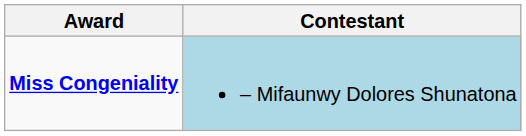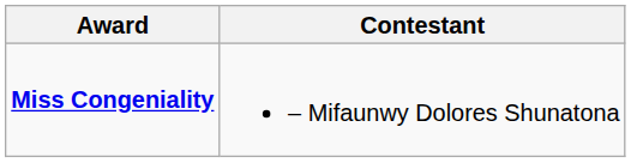 <table class="wikitable sortable" style="font-size: 95%;">
 <tr>
 <th>Award</th>
 <th>Contestant</th>
 </tr>
 <tr>
 <td><strong><a href='#'>Miss Congeniality</a></strong></td>
-<td style="background: lightblue;"><br><ul><li> – Mifaunwy Dolores Shunatona</li></ul></td>
+<td><br><ul><li> – Mifaunwy Dolores Shunatona</li></ul></td>
 </tr>
 </table>
